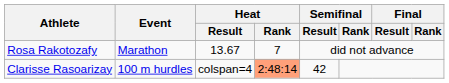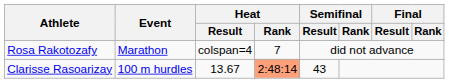 <table class=wikitable style="font-size:90%">
 <tr>
 <th rowspan="2">Athlete</th>
 <th rowspan="2">Event</th>
 <th colspan="2">Heat</th>
 <th colspan="2">Semifinal</th>
 <th colspan="2">Final</th>
 </tr>
 <tr style="font-size:95%">
 <th>Result</th>
 <th>Rank</th>
 <th>Result</th>
 <th>Rank</th>
 <th>Result</th>
 <th>Rank</th>
 </tr>
 <tr align=center>
 <td align=left><a href='#'>Rosa Rakotozafy</a></td>
 <td align=left><a href='#'>Marathon</a></td>
-<td>13.67</td>
+<td>colspan=4 </td>
 <td>7</td>
 <td colspan=4>did not advance</td>
 </tr>
 <tr align=center>
 <td align=left><a href='#'>Clarisse Rasoarizay</a></td>
 <td align=left><a href='#'>100 m hurdles</a></td>
-<td>colspan=4 </td>
+<td>13.67</td>
 <td style="background: lightsalmon;">2:48:14</td>
-<td>42</td>
+<td>43</td>
 </tr>
 </table>
